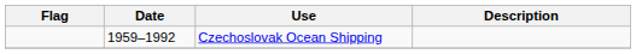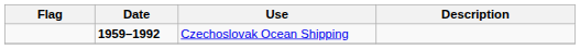 <table class="wikitable">
 <tr>
 <th style="width:110px;">Flag</th>
 <th style="width:100px;">Date</th>
 <th style="width:250px;">Use</th>
 <th style="width:250px;">Description</th>
 </tr>
 <tr>
 <td></td>
-<td>1959–1992</td>
+<td><strong>1959–1992</strong></td>
 <td><a href='#'>Czechoslovak Ocean Shipping</a></td>
 <td></td>
 </tr>
 <tr>
 </tr>
 </table>
